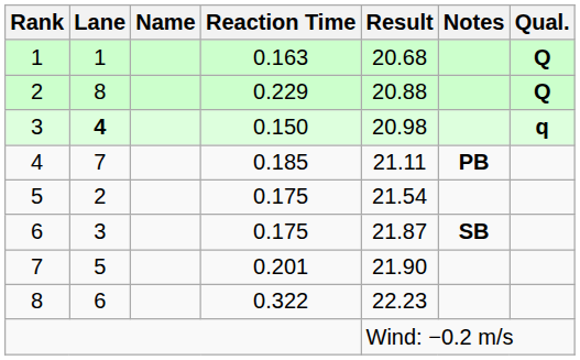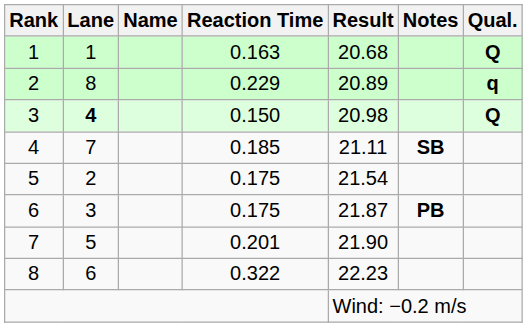 <table class="wikitable" style="text-align:center">
 <tr>
 <th>Rank</th>
 <th>Lane</th>
 <th>Name</th>
 <th>Reaction Time</th>
 <th>Result</th>
 <th>Notes</th>
 <th>Qual.</th>
 </tr>
 <tr bgcolor=ccffcc>
 <td>1</td>
 <td>1</td>
 <td align="left"></td>
 <td>0.163</td>
 <td>20.68</td>
 <td></td>
 <td><strong>Q</strong></td>
 </tr>
 <tr bgcolor=ccffcc>
 <td>2</td>
 <td>8</td>
 <td align="left"></td>
 <td>0.229</td>
-<td>20.88</td>
+<td>20.89</td>
 <td></td>
-<td><strong>Q</strong></td>
+<td><strong>q</strong></td>
 </tr>
 <tr bgcolor=ddffdd>
 <td>3</td>
 <td><strong>4</strong></td>
 <td align="left"></td>
 <td>0.150</td>
 <td>20.98</td>
 <td></td>
-<td><strong>q</strong></td>
+<td><strong>Q</strong></td>
 </tr>
 <tr>
 <td>4</td>
 <td>7</td>
 <td align="left"></td>
 <td>0.185</td>
 <td>21.11</td>
-<td><strong>PB</strong></td>
+<td><strong>SB</strong></td>
 <td></td>
 </tr>
 <tr>
 <td>5</td>
 <td>2</td>
 <td align="left"></td>
 <td>0.175</td>
 <td>21.54</td>
 <td></td>
 <td></td>
 </tr>
 <tr>
 <td>6</td>
 <td>3</td>
 <td align="left"></td>
 <td>0.175</td>
 <td>21.87</td>
-<td><strong>SB</strong></td>
+<td><strong>PB</strong></td>
 <td></td>
 </tr>
 <tr>
 <td>7</td>
 <td>5</td>
 <td align="left"></td>
 <td>0.201</td>
 <td>21.90</td>
 <td></td>
 <td></td>
 </tr>
 <tr>
 <td>8</td>
 <td>6</td>
 <td align="left"></td>
 <td>0.322</td>
 <td>22.23</td>
 <td></td>
 <td></td>
 </tr>
 <tr class="sortbottom">
 <td colspan=4></td>
 <td colspan="3" style="text-align:left;">Wind: −0.2 m/s</td>
 </tr>
 </table>
